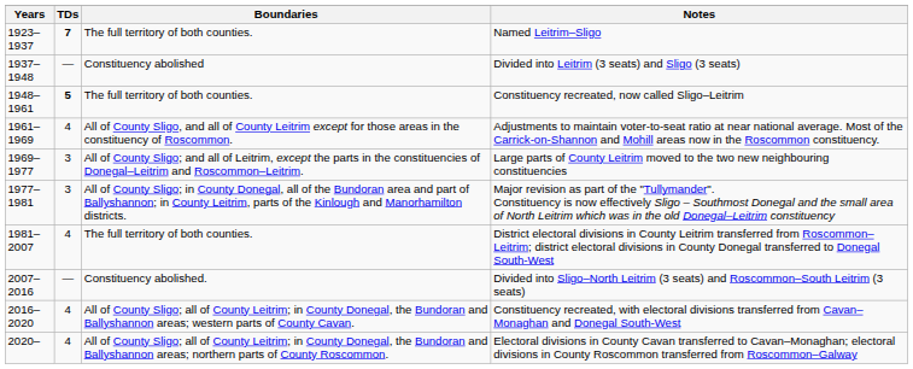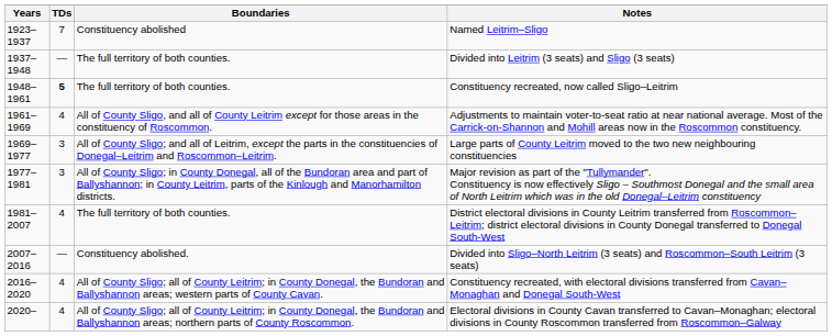 <table class="wikitable">
 <tr bgcolor="green">
 </tr>
 <tr>
 <th>Years</th>
 <th>TDs</th>
 <th>Boundaries</th>
 <th>Notes</th>
 </tr>
 <tr style="vertical-align:top">
 <td>1923–1937</td>
-<td style="text-align:center"><strong>7</strong></td>
-<td>The full territory of both counties.</td>
+<td style="text-align:center">7</td>
+<td>Constituency abolished</td>
 <td>Named <a href='#'>Leitrim–Sligo</a></td>
 </tr>
 <tr style="vertical-align:top">
 <td>1937–1948</td>
 <td style="text-align:center">—</td>
-<td>Constituency abolished</td>
+<td>The full territory of both counties.</td>
 <td>Divided into <a href='#'>Leitrim</a> (3 seats) and <a href='#'>Sligo</a> (3 seats)</td>
 </tr>
 <tr style="vertical-align:top">
 <td>1948–1961</td>
 <td style="text-align:center"><strong>5</strong></td>
 <td>The full territory of both counties.</td>
 <td>Constituency recreated, now called Sligo–Leitrim</td>
 </tr>
 <tr style="vertical-align:top">
 <td>1961–1969</td>
 <td style="text-align:center">4</td>
 <td>All of <a href='#'>County Sligo</a>, and all of <a href='#'>County Leitrim</a> <em>except</em> for those areas in the constituency of <a href='#'>Roscommon</a>.</td>
 <td>Adjustments to maintain voter-to-seat ratio at near national average. Most of the <a href='#'>Carrick-on-Shannon</a> and <a href='#'>Mohill</a> areas now in the <a href='#'>Roscommon</a> constituency.</td>
 </tr>
 <tr style="vertical-align:top">
 <td>1969–1977</td>
 <td style="text-align:center">3</td>
 <td>All of <a href='#'>County Sligo</a>; and all of Leitrim, <em>except</em> the parts in the constituencies of <a href='#'>Donegal–Leitrim</a> and <a href='#'>Roscommon–Leitrim</a>.</td>
 <td>Large parts of <a href='#'>County Leitrim</a> moved to the two new neighbouring constituencies</td>
 </tr>
 <tr style="vertical-align:top">
 <td>1977–1981</td>
 <td style="text-align:center">3</td>
 <td>All of <a href='#'>County Sligo</a>; in <a href='#'>County Donegal</a>, all of the <a href='#'>Bundoran</a> area and part of <a href='#'>Ballyshannon</a>; in <a href='#'>County Leitrim</a>, parts of the <a href='#'>Kinlough</a> and <a href='#'>Manorhamilton</a> districts.</td>
 <td>Major revision as part of the "<a href='#'>Tullymander</a>".<br>Constituency is now effectively <em>Sligo – Southmost Donegal and the small area of North Leitrim which was in the old <a href='#'>Donegal–Leitrim</a> constituency</em></td>
 </tr>
 <tr style="vertical-align:top">
 <td>1981–2007</td>
 <td style="text-align:center">4</td>
 <td>The full territory of both counties.</td>
 <td>District electoral divisions in County Leitrim transferred from <a href='#'>Roscommon–Leitrim</a>; district electoral divisions in County Donegal transferred to <a href='#'>Donegal South-West</a></td>
 </tr>
 <tr style="vertical-align:top">
 <td>2007–2016</td>
 <td style="text-align:center">—</td>
 <td>Constituency abolished.</td>
 <td>Divided into <a href='#'>Sligo–North Leitrim</a> (3 seats) and <a href='#'>Roscommon–South Leitrim</a> (3 seats)</td>
 </tr>
 <tr style="vertical-align:top">
 <td>2016–2020</td>
 <td style="text-align:center">4</td>
 <td>All of <a href='#'>County Sligo</a>; all of <a href='#'>County Leitrim</a>; in <a href='#'>County Donegal</a>, the <a href='#'>Bundoran</a> and <a href='#'>Ballyshannon</a> areas; western parts of <a href='#'>County Cavan</a>.</td>
 <td>Constituency recreated, with electoral divisions transferred from <a href='#'>Cavan–Monaghan</a> and <a href='#'>Donegal South-West</a></td>
 </tr>
 <tr style="vertical-align:top">
 <td>2020–</td>
 <td style="text-align:center">4</td>
 <td>All of <a href='#'>County Sligo</a>; all of <a href='#'>County Leitrim</a>; in <a href='#'>County Donegal</a>, the <a href='#'>Bundoran</a> and <a href='#'>Ballyshannon</a> areas; northern parts of <a href='#'>County Roscommon</a>.</td>
 <td>Electoral divisions in County Cavan transferred to Cavan–Monaghan; electoral divisions in County Roscommon transferred from <a href='#'>Roscommon–Galway</a></td>
 </tr>
 </table>
